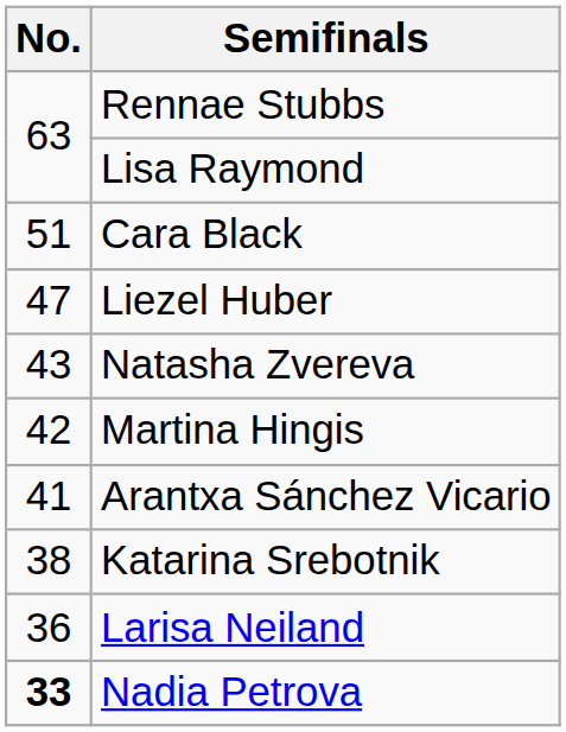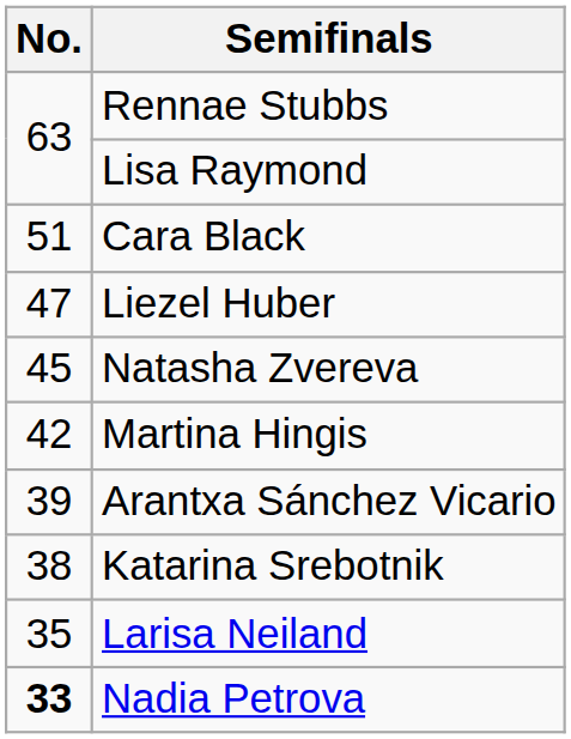 <table class="wikitable nowrap" style="text-align:center; display:inline-table">
 <tr>
 <th scope="col">No.</th>
 <th scope="col">Semifinals</th>
 </tr>
 <tr>
 <td rowspan="2">63</td>
 <td style="text-align:left"> Rennae Stubbs</td>
 </tr>
 <tr>
 <td style="text-align:left"> Lisa Raymond</td>
 </tr>
 <tr>
 <td>51</td>
 <td style="text-align:left"> Cara Black</td>
 </tr>
 <tr>
 <td>47</td>
 <td style="text-align:left"> Liezel Huber</td>
 </tr>
 <tr>
-<td>43</td>
+<td>45</td>
 <td style="text-align:left"> Natasha Zvereva</td>
 </tr>
 <tr>
 <td>42</td>
 <td style="text-align:left"> Martina Hingis</td>
 </tr>
 <tr>
-<td>41</td>
+<td>39</td>
 <td style="text-align:left"> Arantxa Sánchez Vicario</td>
 </tr>
 <tr>
 <td>38</td>
 <td style="text-align:left"> Katarina Srebotnik</td>
 </tr>
 <tr>
-<td>36</td>
+<td>35</td>
 <td style="text-align:left"> <a href='#'>Larisa Neiland</a></td>
 </tr>
 <tr>
 <td><strong>33</strong></td>
 <td style="text-align:left"> <a href='#'>Nadia Petrova</a></td>
 </tr>
 </table>
